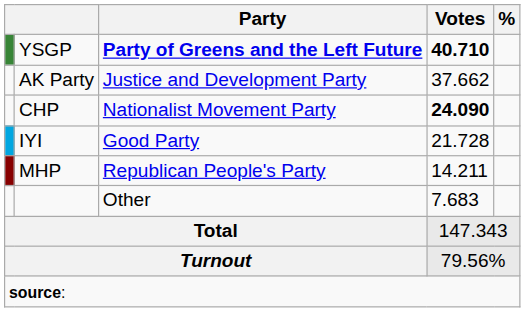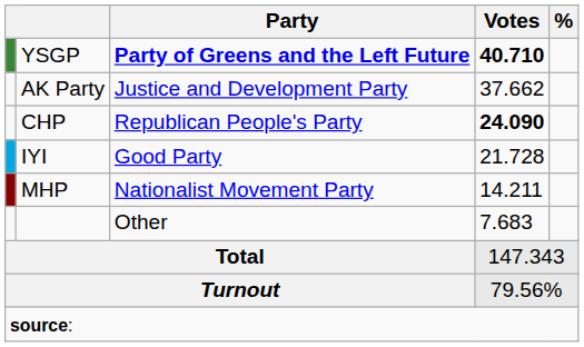 <table class="wikitable">
 <tr>
 <th colspan="2" align="center"></th>
 <th align="center">Party</th>
 <th align="center">Votes</th>
 <th align="center">%</th>
 </tr>
 <tr align="left">
 <td bgcolor="#388537" width="1"></td>
 <td>YSGP</td>
 <td><strong><a href='#'>Party of Greens and the Left Future</a></strong></td>
 <td><strong>40.710</strong></td>
 <td><strong></strong></td>
 </tr>
 <tr align="left">
 <td></td>
 <td>AK Party</td>
 <td><a href='#'>Justice and Development Party</a></td>
 <td>37.662</td>
 <td></td>
 </tr>
 <tr align="left">
 <td></td>
 <td>CHP</td>
-<td><a href='#'>Nationalist Movement Party</a></td>
+<td><a href='#'>Republican People's Party</a></td>
 <td><strong>24.090</strong></td>
 <td></td>
 </tr>
 <tr align="left">
 <td bgcolor="#01A7E1" width="1"></td>
 <td>IYI</td>
 <td><a href='#'>Good Party</a></td>
 <td>21.728</td>
 <td></td>
 </tr>
 <tr align="left">
 <td bgcolor="#870000" width="1"></td>
 <td>MHP</td>
-<td><a href='#'>Republican People's Party</a></td>
+<td><a href='#'>Nationalist Movement Party</a></td>
 <td>14.211</td>
 <td></td>
 </tr>
 <tr align="left">
 <td bgcolor="" width="1"></td>
 <td></td>
 <td>Other</td>
 <td>7.683</td>
 <td></td>
 </tr>
 <tr align="left" style="background-color:#E9E9E9">
 <th colspan="3" align="center"><strong>Total</strong></th>
 <td colspan="5" align="center">147.343</td>
 </tr>
 <tr align="left" style="background-color:#E9E9E9">
 <th colspan="3" align="center"><em>Turnout</em></th>
 <td colspan="5" align="center">79.56%</td>
 </tr>
 <tr>
 <td colspan="9" align="left"><small><strong>source</strong>: </small></td>
 </tr>
 </table>
